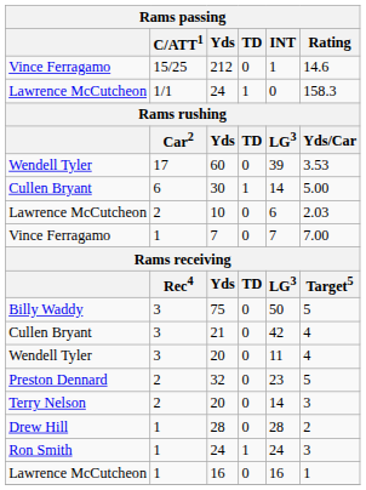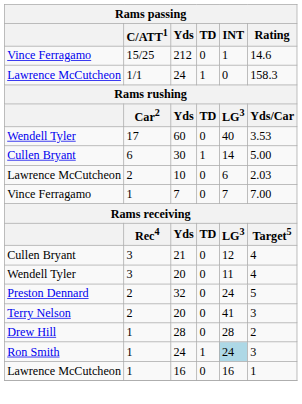 <table class="wikitable">
 <tr>
 <th colspan=6>Rams passing</th>
 </tr>
 <tr>
 <th></th>
 <th>C/ATT<sup>1</sup></th>
 <th>Yds</th>
 <th>TD</th>
 <th>INT</th>
 <th>Rating</th>
 </tr>
 <tr>
 <td><a href='#'>Vince Ferragamo</a></td>
 <td>15/25</td>
 <td>212</td>
 <td>0</td>
 <td>1</td>
 <td>14.6</td>
 </tr>
 <tr>
 <td><a href='#'>Lawrence McCutcheon</a></td>
 <td>1/1</td>
 <td>24</td>
 <td>1</td>
 <td>0</td>
 <td>158.3</td>
 </tr>
 <tr>
 <th colspan=6>Rams rushing</th>
 </tr>
 <tr>
 <th></th>
 <th>Car<sup>2</sup></th>
 <th>Yds</th>
 <th>TD</th>
 <th>LG<sup>3</sup></th>
 <th>Yds/Car</th>
 </tr>
 <tr>
 <td><a href='#'>Wendell Tyler</a></td>
 <td>17</td>
 <td>60</td>
 <td>0</td>
-<td>39</td>
+<td>40</td>
 <td>3.53</td>
 </tr>
 <tr>
 <td><a href='#'>Cullen Bryant</a></td>
 <td>6</td>
 <td>30</td>
 <td>1</td>
 <td>14</td>
 <td>5.00</td>
 </tr>
 <tr>
 <td>Lawrence McCutcheon</td>
 <td>2</td>
 <td>10</td>
 <td>0</td>
 <td>6</td>
 <td>2.03</td>
 </tr>
 <tr>
 <td>Vince Ferragamo</td>
 <td>1</td>
 <td>7</td>
 <td>0</td>
 <td>7</td>
 <td>7.00</td>
 </tr>
 <tr>
 <th colspan=6>Rams receiving</th>
 </tr>
 <tr>
 <th></th>
 <th>Rec<sup>4</sup></th>
 <th>Yds</th>
 <th>TD</th>
 <th>LG<sup>3</sup></th>
 <th>Target<sup>5</sup></th>
 </tr>
 <tr>
-<td><a href='#'>Billy Waddy</a></td>
-<td>3</td>
-<td>75</td>
-<td>0</td>
-<td>50</td>
-<td>5</td>
-</tr>
-<tr>
 <td>Cullen Bryant</td>
 <td>3</td>
 <td>21</td>
 <td>0</td>
-<td>42</td>
+<td>12</td>
 <td>4</td>
 </tr>
 <tr>
 <td>Wendell Tyler</td>
 <td>3</td>
 <td>20</td>
 <td>0</td>
 <td>11</td>
 <td>4</td>
 </tr>
 <tr>
 <td><a href='#'>Preston Dennard</a></td>
 <td>2</td>
 <td>32</td>
 <td>0</td>
-<td>23</td>
+<td>24</td>
 <td>5</td>
 </tr>
 <tr>
 <td><a href='#'>Terry Nelson</a></td>
 <td>2</td>
 <td>20</td>
 <td>0</td>
-<td>14</td>
+<td>41</td>
 <td>3</td>
 </tr>
 <tr>
 <td><a href='#'>Drew Hill</a></td>
 <td>1</td>
 <td>28</td>
 <td>0</td>
 <td>28</td>
 <td>2</td>
 </tr>
 <tr>
 <td><a href='#'>Ron Smith</a></td>
 <td>1</td>
 <td>24</td>
 <td>1</td>
-<td>24</td>
+<td style="background: lightblue;">24</td>
 <td>3</td>
 </tr>
 <tr>
 <td>Lawrence McCutcheon</td>
 <td>1</td>
 <td>16</td>
 <td>0</td>
 <td>16</td>
 <td>1</td>
 </tr>
 <tr>
 </tr>
 </table>
